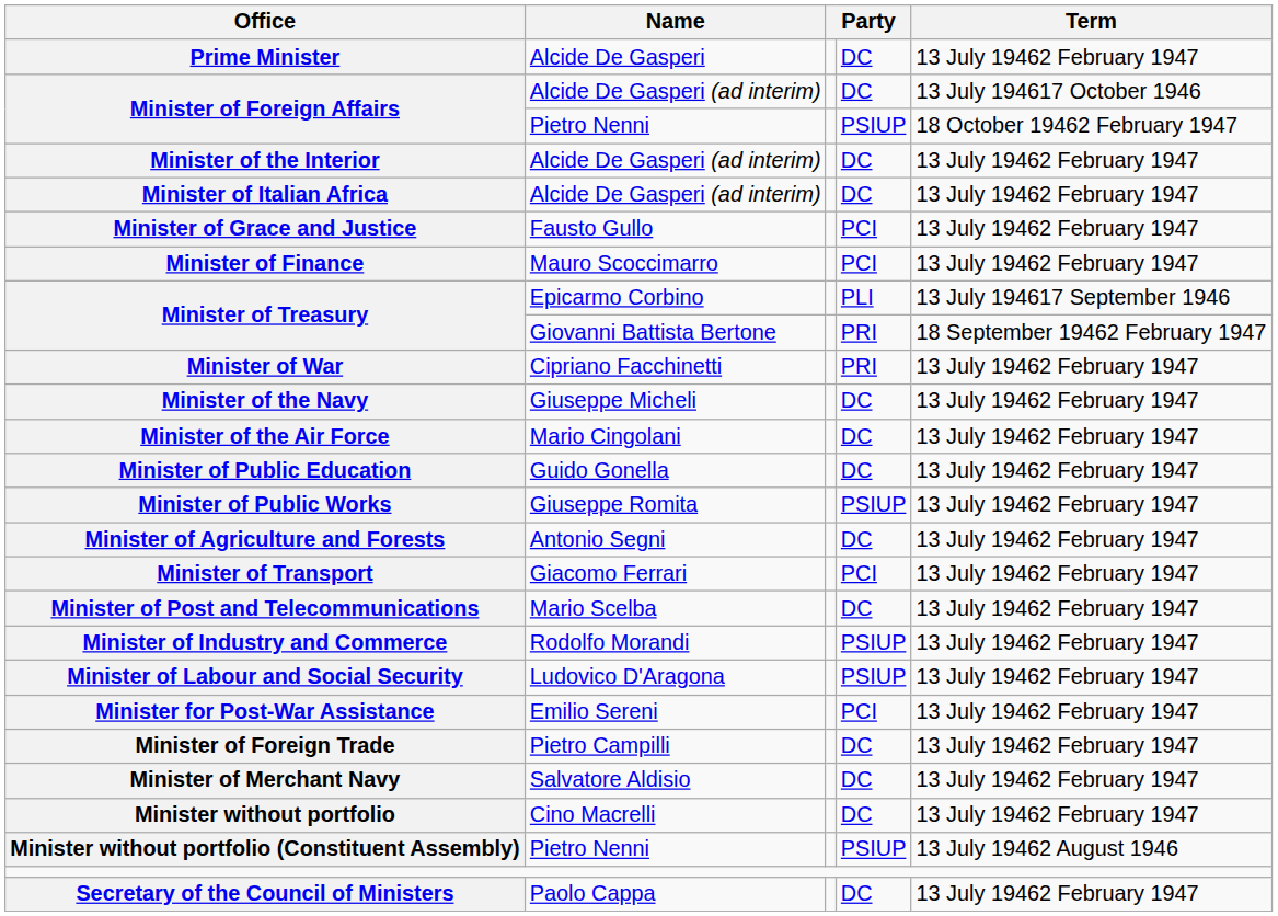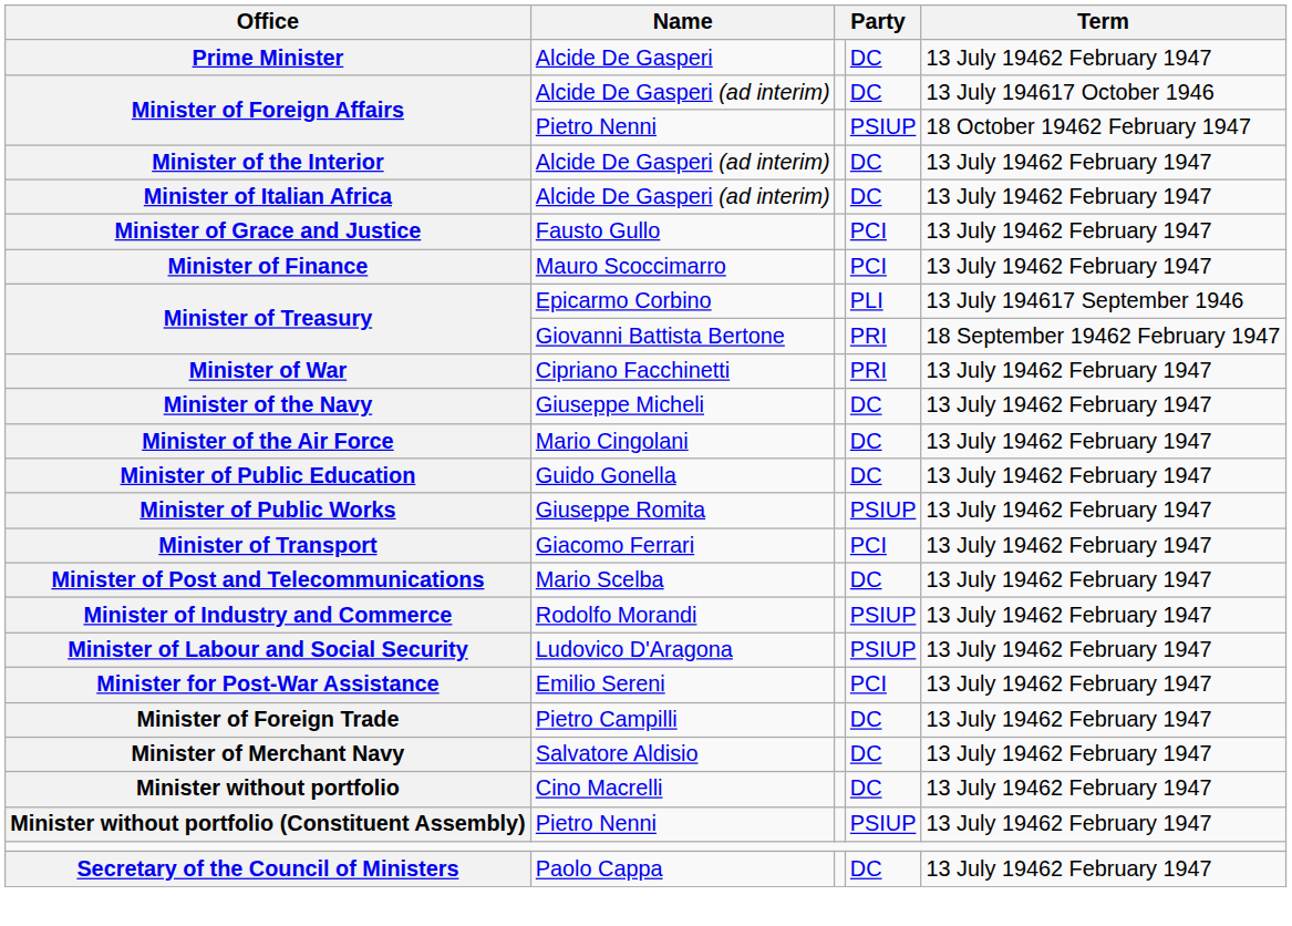 <table class="wikitable">
 <tr>
 <th>Office</th>
 <th>Name</th>
 <th colspan=2>Party</th>
 <th>Term</th>
 </tr>
 <tr>
 <th><a href='#'>Prime Minister</a></th>
 <td><a href='#'>Alcide De Gasperi</a></td>
 <td></td>
 <td><a href='#'>DC</a></td>
 <td>13 July 19462 February 1947</td>
 </tr>
 <tr>
 <th rowspan=2><a href='#'>Minister of Foreign Affairs</a></th>
 <td><a href='#'>Alcide De Gasperi</a> <em>(ad interim)</em></td>
 <td></td>
 <td><a href='#'>DC</a></td>
 <td>13 July 194617 October 1946</td>
 </tr>
 <tr>
 <td><a href='#'>Pietro Nenni</a></td>
 <td></td>
 <td><a href='#'>PSIUP</a></td>
 <td>18 October 19462 February 1947</td>
 </tr>
 <tr>
 <th><a href='#'>Minister of the Interior</a></th>
 <td><a href='#'>Alcide De Gasperi</a> <em>(ad interim)</em></td>
 <td></td>
 <td><a href='#'>DC</a></td>
 <td>13 July 19462 February 1947</td>
 </tr>
 <tr>
 <th><a href='#'>Minister of Italian Africa</a></th>
 <td><a href='#'>Alcide De Gasperi</a> <em>(ad interim)</em></td>
 <td></td>
 <td><a href='#'>DC</a></td>
 <td>13 July 19462 February 1947</td>
 </tr>
 <tr>
 <th><a href='#'>Minister of Grace and Justice</a></th>
 <td><a href='#'>Fausto Gullo</a></td>
 <td></td>
 <td><a href='#'>PCI</a></td>
 <td>13 July 19462 February 1947</td>
 </tr>
 <tr>
 <th><a href='#'>Minister of Finance</a></th>
 <td><a href='#'>Mauro Scoccimarro</a></td>
 <td></td>
 <td><a href='#'>PCI</a></td>
 <td>13 July 19462 February 1947</td>
 </tr>
 <tr>
 <th rowspan=2><a href='#'>Minister of Treasury</a></th>
 <td><a href='#'>Epicarmo Corbino</a></td>
 <td></td>
 <td><a href='#'>PLI</a></td>
 <td>13 July 194617 September 1946</td>
 </tr>
 <tr>
 <td><a href='#'>Giovanni Battista Bertone</a></td>
 <td></td>
 <td><a href='#'>PRI</a></td>
 <td>18 September 19462 February 1947</td>
 </tr>
 <tr>
 <th><a href='#'>Minister of War</a></th>
 <td><a href='#'>Cipriano Facchinetti</a></td>
 <td></td>
 <td><a href='#'>PRI</a></td>
 <td>13 July 19462 February 1947</td>
 </tr>
 <tr>
 <th><a href='#'>Minister of the Navy</a></th>
 <td><a href='#'>Giuseppe Micheli</a></td>
 <td></td>
 <td><a href='#'>DC</a></td>
 <td>13 July 19462 February 1947</td>
 </tr>
 <tr>
 <th><a href='#'>Minister of the Air Force</a></th>
 <td><a href='#'>Mario Cingolani</a></td>
 <td></td>
 <td><a href='#'>DC</a></td>
 <td>13 July 19462 February 1947</td>
 </tr>
 <tr>
 <th><a href='#'>Minister of Public Education</a></th>
 <td><a href='#'>Guido Gonella</a></td>
 <td></td>
 <td><a href='#'>DC</a></td>
 <td>13 July 19462 February 1947</td>
 </tr>
 <tr>
 <th><a href='#'>Minister of Public Works</a></th>
 <td><a href='#'>Giuseppe Romita</a></td>
 <td></td>
 <td><a href='#'>PSIUP</a></td>
 <td>13 July 19462 February 1947</td>
 </tr>
 <tr>
-<th><a href='#'>Minister of Agriculture and Forests</a></th>
-<td><a href='#'>Antonio Segni</a></td>
-<td></td>
-<td><a href='#'>DC</a></td>
-<td>13 July 19462 February 1947</td>
-</tr>
-<tr>
 <th><a href='#'>Minister of Transport</a></th>
 <td><a href='#'>Giacomo Ferrari</a></td>
 <td></td>
 <td><a href='#'>PCI</a></td>
 <td>13 July 19462 February 1947</td>
 </tr>
 <tr>
 <th><a href='#'>Minister of Post and Telecommunications</a></th>
 <td><a href='#'>Mario Scelba</a></td>
 <td></td>
 <td><a href='#'>DC</a></td>
 <td>13 July 19462 February 1947</td>
 </tr>
 <tr>
 <th><a href='#'>Minister of Industry and Commerce</a></th>
 <td><a href='#'>Rodolfo Morandi</a></td>
 <td></td>
 <td><a href='#'>PSIUP</a></td>
 <td>13 July 19462 February 1947</td>
 </tr>
 <tr>
 <th><a href='#'>Minister of Labour and Social Security</a></th>
 <td><a href='#'>Ludovico D'Aragona</a></td>
 <td></td>
 <td><a href='#'>PSIUP</a></td>
 <td>13 July 19462 February 1947</td>
 </tr>
 <tr>
 <th><a href='#'>Minister for Post-War Assistance</a></th>
 <td><a href='#'>Emilio Sereni</a></td>
 <td></td>
 <td><a href='#'>PCI</a></td>
 <td>13 July 19462 February 1947</td>
 </tr>
 <tr>
 <th>Minister of Foreign Trade</th>
 <td><a href='#'>Pietro Campilli</a></td>
 <td></td>
 <td><a href='#'>DC</a></td>
 <td>13 July 19462 February 1947</td>
 </tr>
 <tr>
 <th>Minister of Merchant Navy</th>
 <td><a href='#'>Salvatore Aldisio</a></td>
 <td></td>
 <td><a href='#'>DC</a></td>
 <td>13 July 19462 February 1947</td>
 </tr>
 <tr>
 <th>Minister without portfolio</th>
 <td><a href='#'>Cino Macrelli</a></td>
 <td></td>
 <td><a href='#'>DC</a></td>
 <td>13 July 19462 February 1947</td>
 </tr>
 <tr>
 <th>Minister without portfolio (Constituent Assembly)</th>
 <td><a href='#'>Pietro Nenni</a></td>
 <td></td>
 <td><a href='#'>PSIUP</a></td>
-<td>13 July 19462 August 1946</td>
+<td>13 July 19462 February 1947</td>
 </tr>
 <tr>
 <td colspan="5"></td>
 </tr>
 <tr>
 <th><a href='#'>Secretary of the Council of Ministers</a></th>
 <td><a href='#'>Paolo Cappa</a></td>
 <td></td>
 <td><a href='#'>DC</a></td>
 <td>13 July 19462 February 1947</td>
 </tr>
 </table>
